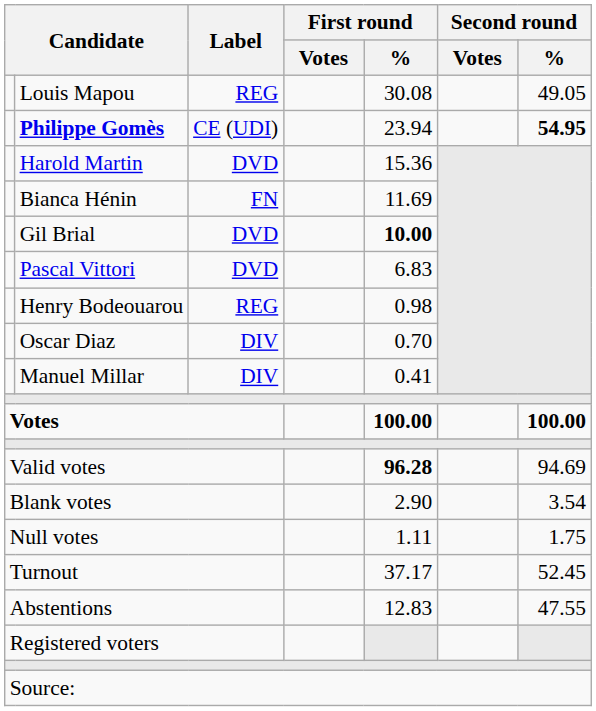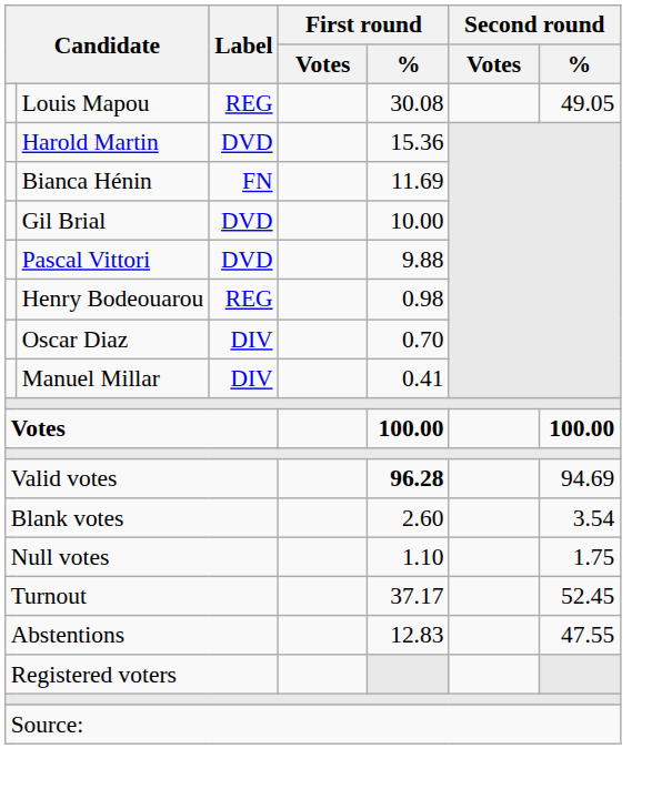 <table class="wikitable" style="text-align:right;font-size:95%;">
 <tr>
 <th rowspan="2" colspan="2">Candidate</th>
 <th rowspan="2">Label</th>
 <th colspan="2">First round</th>
 <th colspan="2">Second round</th>
 </tr>
 <tr>
 <th style="width:50px;">Votes</th>
 <th style="width:45px;">%</th>
 <th style="width:50px;">Votes</th>
 <th style="width:45px;">%</th>
 </tr>
 <tr>
 <td style="color:inherit;background:"></td>
 <td style="text-align:left;">Louis Mapou</td>
 <td><a href='#'>REG</a></td>
 <td></td>
 <td>30.08</td>
 <td></td>
 <td>49.05</td>
 </tr>
 <tr>
 <td style="color:inherit;background:"></td>
-<td style="text-align:left;"><strong><a href='#'>Philippe Gomès</a></strong></td>
-<td><a href='#'>CE</a> (<a href='#'>UDI</a>)</td>
-<td></td>
-<td>23.94</td>
-<td><strong></strong></td>
-<td><strong>54.95</strong></td>
-</tr>
-<tr>
-<td style="color:inherit;background:"></td>
 <td style="text-align:left;"><a href='#'>Harold Martin</a></td>
 <td><a href='#'>DVD</a></td>
 <td></td>
 <td>15.36</td>
 <td colspan="2" rowspan="7" style="background:#E9E9E9;"></td>
 </tr>
 <tr>
 <td style="color:inherit;background:"></td>
 <td style="text-align:left;">Bianca Hénin</td>
 <td><a href='#'>FN</a></td>
 <td></td>
 <td>11.69</td>
 </tr>
 <tr>
 <td style="color:inherit;background:"></td>
 <td style="text-align:left;">Gil Brial</td>
 <td><a href='#'>DVD</a></td>
 <td></td>
-<td><strong>10.00</strong></td>
+<td>10.00</td>
 </tr>
 <tr>
 <td style="color:inherit;background:"></td>
 <td style="text-align:left;"><a href='#'>Pascal Vittori</a></td>
 <td><a href='#'>DVD</a></td>
 <td></td>
-<td>6.83</td>
+<td>9.88</td>
 </tr>
 <tr>
 <td style="color:inherit;background:"></td>
 <td style="text-align:left;">Henry Bodeouarou</td>
 <td><a href='#'>REG</a></td>
 <td></td>
 <td>0.98</td>
 </tr>
 <tr>
 <td style="color:inherit;background:"></td>
 <td style="text-align:left;">Oscar Diaz</td>
 <td><a href='#'>DIV</a></td>
 <td></td>
 <td>0.70</td>
 </tr>
 <tr>
 <td style="color:inherit;background:"></td>
 <td style="text-align:left;">Manuel Millar</td>
 <td><a href='#'>DIV</a></td>
 <td></td>
 <td>0.41</td>
 </tr>
 <tr>
 <td colspan="7" style="background:#E9E9E9;"></td>
 </tr>
 <tr style="font-weight:bold;">
 <td colspan="3" style="text-align:left;">Votes</td>
 <td></td>
 <td>100.00</td>
 <td></td>
 <td>100.00</td>
 </tr>
 <tr>
 <td colspan="7" style="background:#E9E9E9;"></td>
 </tr>
 <tr>
 <td colspan="3" style="text-align:left;">Valid votes</td>
 <td></td>
 <td><strong>96.28</strong></td>
 <td></td>
 <td>94.69</td>
 </tr>
 <tr>
 <td colspan="3" style="text-align:left;">Blank votes</td>
 <td></td>
-<td>2.90</td>
+<td>2.60</td>
 <td></td>
 <td>3.54</td>
 </tr>
 <tr>
 <td colspan="3" style="text-align:left;">Null votes</td>
 <td></td>
-<td>1.11</td>
+<td>1.10</td>
 <td></td>
 <td>1.75</td>
 </tr>
 <tr>
 <td colspan="3" style="text-align:left;">Turnout</td>
 <td></td>
 <td>37.17</td>
 <td></td>
 <td>52.45</td>
 </tr>
 <tr>
 <td colspan="3" style="text-align:left;">Abstentions</td>
 <td></td>
 <td>12.83</td>
 <td></td>
 <td>47.55</td>
 </tr>
 <tr>
 <td colspan="3" style="text-align:left;">Registered voters</td>
 <td></td>
 <td style="background:#E9E9E9;"></td>
 <td></td>
 <td style="background:#E9E9E9;"></td>
 </tr>
 <tr>
 <td colspan="7" style="background:#E9E9E9;"></td>
 </tr>
 <tr>
 <td colspan="7" style="text-align:left;">Source: </td>
 </tr>
 </table>
